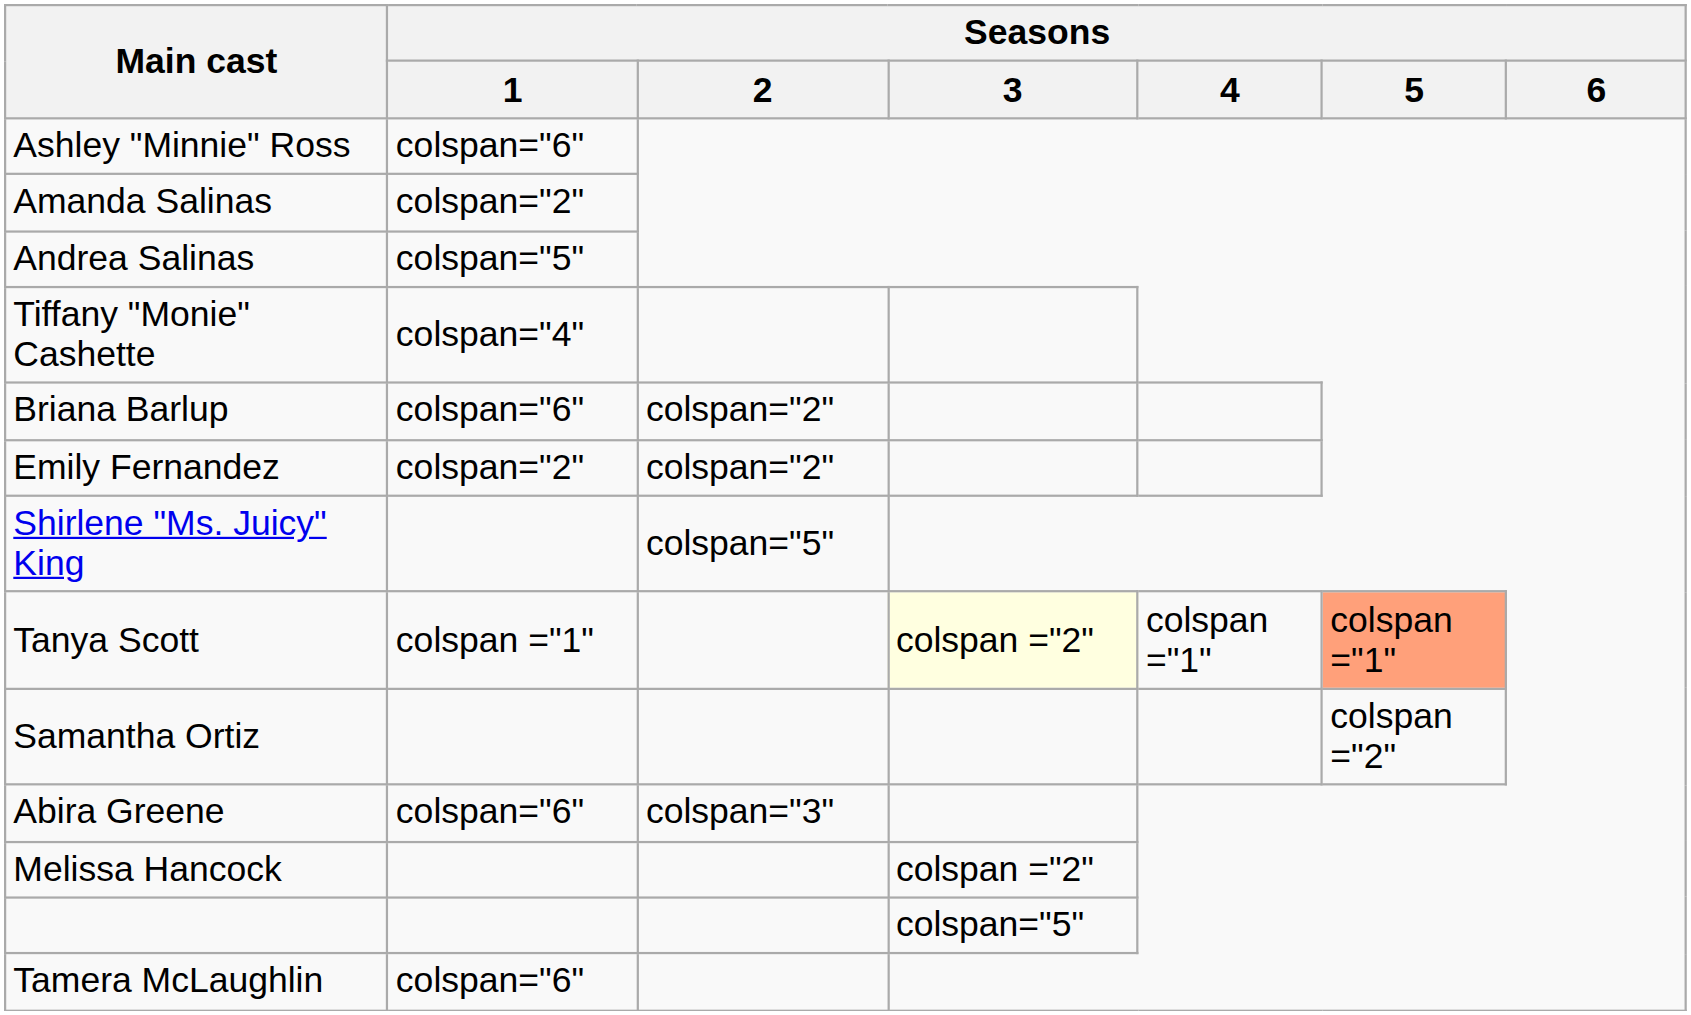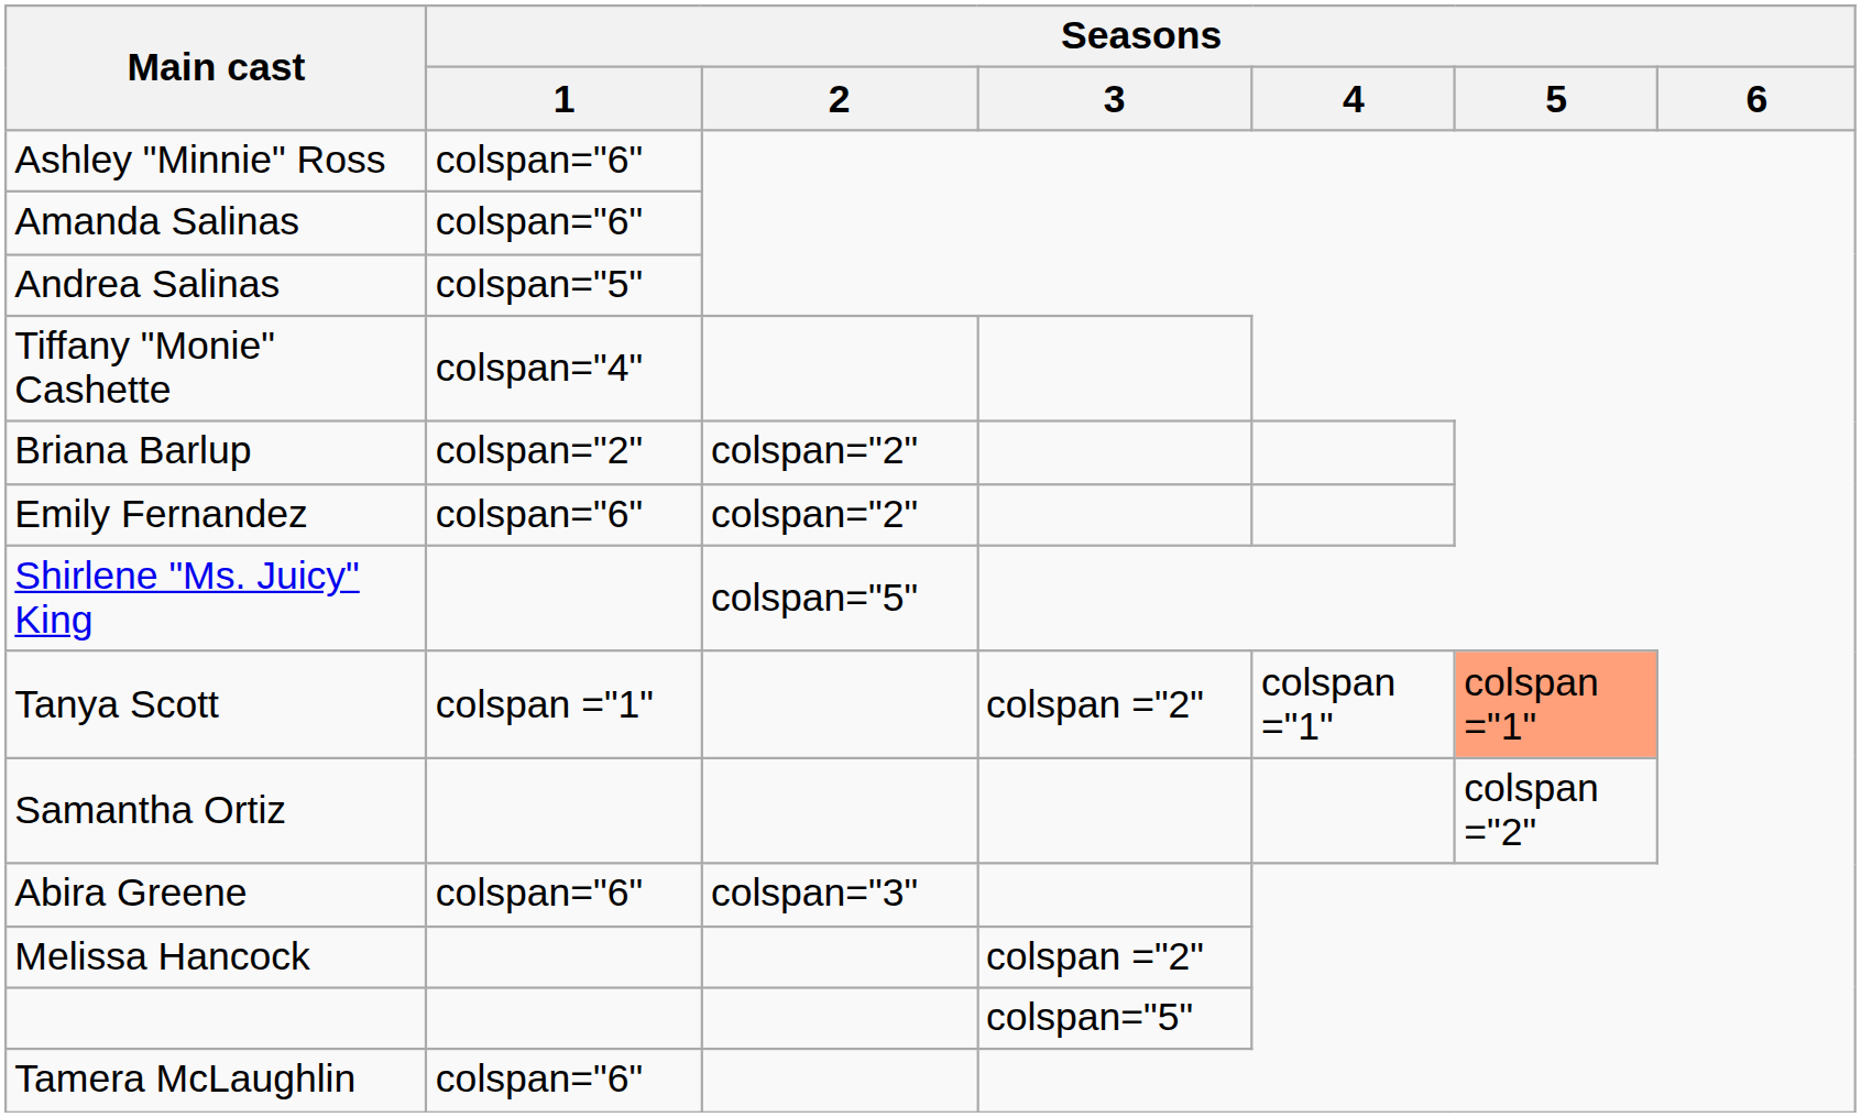 <table class="wikitable plain row headers" style="width:60%;">
 <tr>
 <th scope="col" rowspan="2" style="width:17%;">Main cast</th>
 <th scope="col" colspan="6">Seasons</th>
 </tr>
 <tr>
 <th scope="col" style="width:8%;">1</th>
 <th scope="col" style="width:8%;">2</th>
 <th scope="col" style="width:8%;">3</th>
 <th scope="col" style="width:8%;">4</th>
 <th scope="col" style="width:8%;">5</th>
 <th scope="col" style="width:8%;">6</th>
 </tr>
 <tr>
 <td scope="row">Ashley "Minnie" Ross</td>
 <td>colspan="6" </td>
 </tr>
 <tr>
 <td scope="row">Amanda Salinas</td>
-<td>colspan="2" </td>
+<td>colspan="6" </td>
 </tr>
 <tr>
 <td scope="row">Andrea Salinas</td>
 <td>colspan="5" </td>
 </tr>
 <tr>
 <td scope="row">Tiffany "Monie" Cashette</td>
 <td>colspan="4" </td>
 <td></td>
 <td></td>
 </tr>
 <tr>
 <td scope="row">Briana Barlup</td>
-<td>colspan="6" </td>
+<td>colspan="2" </td>
 <td>colspan="2" </td>
 <td></td>
 <td></td>
 </tr>
 <tr>
 <td scope="row">Emily Fernandez</td>
-<td>colspan="2" </td>
+<td>colspan="6" </td>
 <td>colspan="2" </td>
 <td></td>
 <td></td>
 </tr>
 <tr>
 <td scope="row"><a href='#'>Shirlene "Ms. Juicy" King</a></td>
 <td></td>
 <td>colspan="5" </td>
 </tr>
 <tr>
 <td scope="row">Tanya Scott</td>
 <td>colspan ="1" </td>
 <td></td>
-<td style="background: lightyellow;">colspan ="2" </td>
+<td>colspan ="2" </td>
 <td>colspan ="1" </td>
 <td style="background: lightsalmon;">colspan ="1" </td>
 </tr>
 <tr>
 <td scope="row">Samantha Ortiz</td>
 <td></td>
 <td></td>
 <td></td>
 <td></td>
 <td>colspan ="2" </td>
 </tr>
 <tr>
 <td ="row">Abira Greene</td>
 <td>colspan="6" </td>
 <td>colspan="3" </td>
 <td></td>
 </tr>
 <tr>
 <td scope="row">Melissa Hancock</td>
 <td></td>
 <td></td>
 <td>colspan ="2" </td>
 </tr>
 <tr>
 <td scope="row"></td>
 <td></td>
 <td></td>
 <td>colspan="5" </td>
 </tr>
 <tr>
 <td scope="row">Tamera McLaughlin</td>
 <td>colspan="6" </td>
 <td></td>
 </tr>
 </table>
